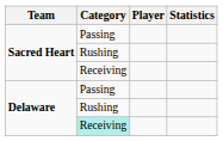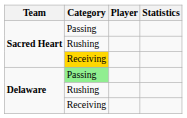 <table class="wikitable" style="float: right;">
 <tr>
 <th>Team</th>
 <th>Category</th>
 <th>Player</th>
 <th>Statistics</th>
 </tr>
 <tr>
 <td rowspan=3><strong>Sacred Heart</strong></td>
 <td>Passing</td>
 <td></td>
 <td></td>
 </tr>
 <tr>
 <td>Rushing</td>
 <td></td>
 <td></td>
 </tr>
 <tr>
-<td>Receiving</td>
+<td style="background: gold;">Receiving</td>
 <td></td>
 <td></td>
 </tr>
 <tr>
 <td rowspan=3><strong>Delaware</strong></td>
-<td>Passing</td>
+<td style="background: lightgreen;">Passing</td>
 <td></td>
 <td></td>
 </tr>
 <tr>
 <td>Rushing</td>
 <td></td>
 <td></td>
 </tr>
 <tr>
-<td style="background: paleturquoise;">Receiving</td>
+<td>Receiving</td>
 <td></td>
 <td></td>
 </tr>
 </table>
